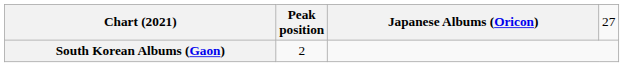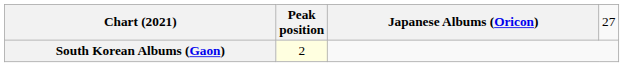 <table class="wikitable sortable plainrowheaders" style="text-align:center">
 <tr>
 <th scope="col">Chart (2021)</th>
 <th scope="col">Peak<br>position</th>
 <th scope="row" style="width:20em">Japanese Albums (<a href='#'>Oricon</a>)</th>
 <td>27</td>
 </tr>
 <tr>
 <th scope="row" style="width:20em">South Korean Albums (<a href='#'>Gaon</a>)</th>
-<td>2</td>
+<td style="background: lightyellow;">2</td>
 </tr>
 </table>
